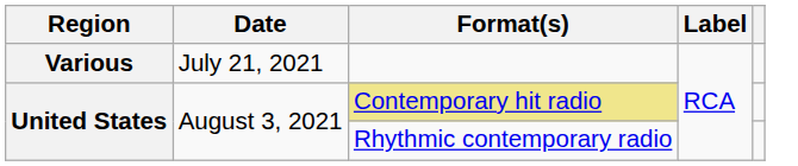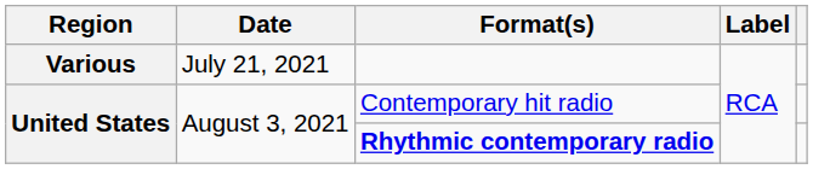 <table class="wikitable plainrowheaders">
 <tr>
 <th scope="col">Region</th>
 <th scope="col">Date</th>
 <th scope="col">Format(s)</th>
 <th scope="col">Label</th>
 <th scope="col"></th>
 </tr>
 <tr>
 <th scope="row">Various</th>
 <td>July 21, 2021</td>
 <td></td>
 <td rowspan="3"><a href='#'>RCA</a></td>
 <td align="center"></td>
 </tr>
 <tr>
 <th scope="row" rowspan="2">United States</th>
 <td rowspan="2">August 3, 2021</td>
-<td style="background: khaki;"><a href='#'>Contemporary hit radio</a></td>
+<td><a href='#'>Contemporary hit radio</a></td>
 <td align="center"></td>
 </tr>
 <tr>
-<td><a href='#'>Rhythmic contemporary radio</a></td>
+<td><strong><a href='#'>Rhythmic contemporary radio</a></strong></td>
 <td align="center"></td>
 </tr>
 </table>
